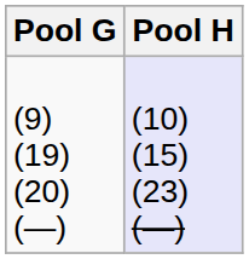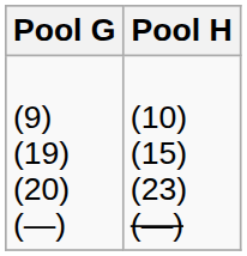 <table class="wikitable">
 <tr>
 <th width=50%>Pool G</th>
 <th width=50%>Pool H</th>
 </tr>
 <tr>
 <td><br> (9)<br>  (19)<br>  (20)<br>  (—)</td>
-<td style="background: lavender;"><br> (10)<br>  (15)<br>  (23)<br> <s> (—)</s></td>
+<td><br> (10)<br>  (15)<br>  (23)<br> <s> (—)</s></td>
 </tr>
 </table>
